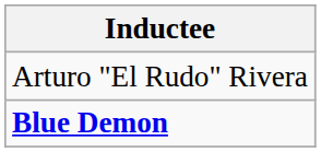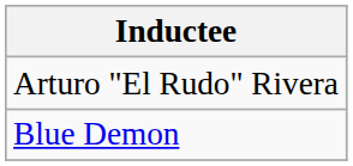 <table class="wikitable">
 <tr>
 <th>Inductee</th>
 </tr>
 <tr>
 <td>Arturo "El Rudo" Rivera</td>
 </tr>
 <tr>
-<td><strong><a href='#'>Blue Demon</a></strong></td>
+<td><a href='#'>Blue Demon</a></td>
 </tr>
 </table>
